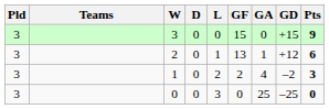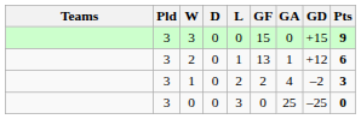 <table class="wikitable" style="text-align: center;">
 <tr>
+<th width=165>Teams</th>
 <th width=20>Pld</th>
-<th width=165>Teams</th>
 <th width=20>W</th>
 <th width=20>D</th>
 <th width=20>L</th>
 <th width=20>GF</th>
 <th width=20>GA</th>
 <th width=20>GD</th>
 <th width=20>Pts</th>
 </tr>
 <tr align=center style="background:#ccffcc;">
+<td style="text-align:left;"></td>
 <td>3</td>
-<td style="text-align:left;"></td>
 <td>3</td>
 <td>0</td>
 <td>0</td>
 <td>15</td>
 <td>0</td>
 <td>+15</td>
 <td><strong>9</strong></td>
 </tr>
 <tr align=center>
+<td style="text-align:left;"></td>
 <td>3</td>
-<td style="text-align:left;"></td>
 <td>2</td>
 <td>0</td>
 <td>1</td>
 <td>13</td>
 <td>1</td>
 <td>+12</td>
 <td><strong>6</strong></td>
 </tr>
 <tr align=center>
+<td style="text-align:left;"></td>
 <td>3</td>
-<td style="text-align:left;"></td>
 <td>1</td>
 <td>0</td>
 <td>2</td>
 <td>2</td>
 <td>4</td>
 <td>–2</td>
 <td><strong>3</strong></td>
 </tr>
 <tr align=center>
+<td style="text-align:left;"></td>
 <td>3</td>
-<td style="text-align:left;"></td>
 <td>0</td>
 <td>0</td>
 <td>3</td>
 <td>0</td>
 <td>25</td>
 <td>–25</td>
 <td><strong>0</strong></td>
 </tr>
 </table>
